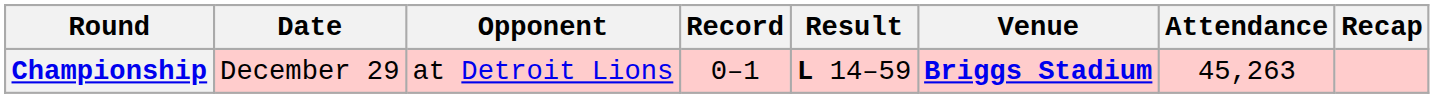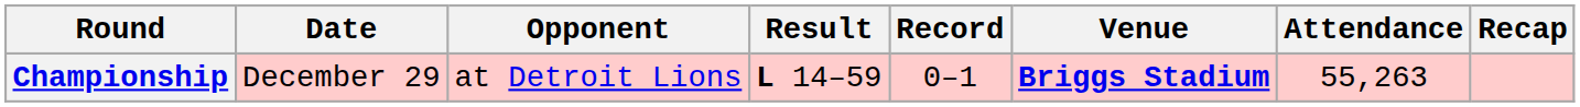 <table class="wikitable" style="text-align:center">
 <tr>
 <th>Round</th>
 <th>Date</th>
 <th>Opponent</th>
+<th>Result</th>
 <th>Record</th>
-<th>Result</th>
 <th>Venue</th>
 <th>Attendance</th>
 <th>Recap</th>
 </tr>
 <tr style="background:#fcc">
 <th><a href='#'>Championship</a></th>
 <td>December 29</td>
 <td>at <a href='#'>Detroit Lions</a></td>
+<td><strong>L</strong> 14–59</td>
 <td>0–1</td>
-<td><strong>L</strong> 14–59</td>
 <td><strong><a href='#'>Briggs Stadium</a></strong></td>
-<td>45,263</td>
+<td>55,263</td>
 <td></td>
 </tr>
 </table>
